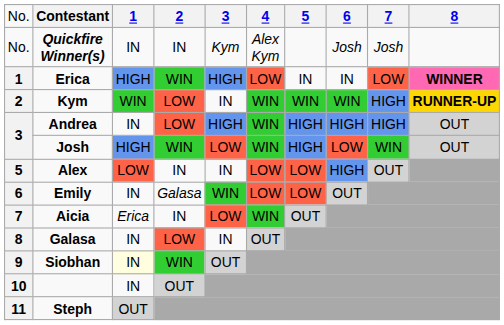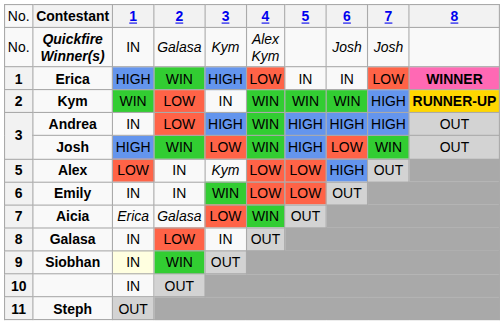 <table class="wikitable" style="text-align:center; align=center; font-size:80%">
 <tr>
 <td>No.</td>
 <th>Contestant</th>
 <th><a href='#'>1</a></th>
 <th><a href='#'>2</a></th>
 <th><a href='#'>3</a></th>
 <th><a href='#'>4</a></th>
 <th><a href='#'>5</a></th>
 <th><a href='#'>6</a></th>
 <th><a href='#'>7</a></th>
 <th><a href='#'>8</a></th>
 </tr>
 <tr>
 <td>No.</td>
 <td><strong><em>Quickfire</em></strong><br><strong><em>Winner(s)</em></strong></td>
 <td>IN</td>
-<td>IN</td>
+<td><em>Galasa</em></td>
 <td><em>Kym</em></td>
 <td><em>Alex</em><br><em>Kym</em></td>
 <td></td>
 <td><em>Josh</em></td>
 <td><em>Josh</em></td>
 <td></td>
 </tr>
 <tr>
 <th>1</th>
 <td><strong>Erica</strong></td>
 <td style="background:cornflowerblue;">HIGH</td>
 <td style= "background:limegreen;">WIN</td>
 <td style="background:cornflowerblue;">HIGH</td>
 <td style="background:tomato;">LOW</td>
 <td>IN</td>
 <td>IN</td>
 <td style="background:tomato;">LOW</td>
 <td style="background:hotpink"><strong>WINNER</strong></td>
 </tr>
 <tr>
 <th>2</th>
 <td><strong>Kym</strong></td>
 <td style= "background:limegreen;">WIN</td>
 <td style="background:tomato;">LOW</td>
 <td>IN</td>
 <td style= "background:limegreen;">WIN</td>
 <td style= "background:limegreen;">WIN</td>
 <td style= "background:limegreen;">WIN</td>
 <td style="background:cornflowerblue;">HIGH</td>
 <td style="background:gold"><strong>RUNNER-UP</strong></td>
 </tr>
 <tr>
 <th rowspan = "2">3</th>
 <td><strong>Andrea</strong></td>
 <td>IN</td>
 <td style="background:tomato;">LOW</td>
 <td style="background:cornflowerblue;">HIGH</td>
 <td style= "background:limegreen;">WIN</td>
 <td style="background:cornflowerblue;">HIGH</td>
 <td style="background:cornflowerblue;">HIGH</td>
 <td style="background:cornflowerblue;">HIGH</td>
 <td style="background:lightgray;">OUT</td>
 </tr>
 <tr>
 <td><strong>Josh</strong></td>
 <td style="background:cornflowerblue;">HIGH</td>
 <td style= "background:limegreen;">WIN</td>
 <td style="background:tomato;">LOW</td>
 <td style= "background:limegreen;">WIN</td>
 <td style="background:cornflowerblue;">HIGH</td>
 <td style="background:tomato;">LOW</td>
 <td style= "background:limegreen;">WIN</td>
 <td style="background:lightgray;">OUT</td>
 </tr>
 <tr>
 <th>5</th>
 <td><strong>Alex</strong></td>
 <td style="background:tomato;">LOW</td>
 <td>IN</td>
-<td>IN</td>
+<td><em>Kym</em></td>
 <td style="background:tomato;">LOW</td>
 <td style="background:tomato;">LOW</td>
 <td style="background:cornflowerblue;">HIGH</td>
 <td style="background:lightgray;">OUT</td>
 <td colspan="2" style="background:darkgray"></td>
 </tr>
 <tr>
 <th>6</th>
 <td><strong>Emily</strong></td>
 <td>IN</td>
-<td><em>Galasa</em></td>
+<td>IN</td>
 <td style="background:limegreen;">WIN</td>
 <td style="background:tomato;">LOW</td>
 <td style="background:tomato;">LOW</td>
 <td style="background:lightgray;">OUT</td>
 <td colspan="3" style="background:darkgray"></td>
 </tr>
 <tr>
 <th>7</th>
 <td><strong>Aicia</strong></td>
 <td><em>Erica</em></td>
-<td>IN</td>
+<td><em>Galasa</em></td>
 <td style="background:tomato;">LOW</td>
 <td style= "background:limegreen;">WIN</td>
 <td style="background:lightgray;">OUT</td>
 <td colspan="4" style="background:darkgray"></td>
 </tr>
 <tr>
 <th>8</th>
 <td><strong>Galasa</strong></td>
 <td>IN</td>
 <td style="background:tomato;">LOW</td>
 <td>IN</td>
 <td style="background:lightgray;">OUT</td>
 <td colspan="5" style="background:darkgray"></td>
 </tr>
 <tr>
 <th>9</th>
 <td><strong>Siobhan</strong></td>
 <td style="background: lightyellow;">IN</td>
 <td style= "background:limegreen;">WIN</td>
 <td style="background:lightgray;">OUT</td>
 <td colspan="5" style="background:darkgray"></td>
 </tr>
 <tr>
 <th>10</th>
 <td><strong></strong></td>
 <td>IN</td>
 <td style="background:lightgray;">OUT</td>
 <td colspan="6" style="background:darkgray"></td>
 </tr>
 <tr>
 <th>11</th>
 <td><strong>Steph</strong></td>
 <td style="background:lightgray;">OUT</td>
 <td colspan="7" style="background:darkgray"></td>
 </tr>
 </table>
